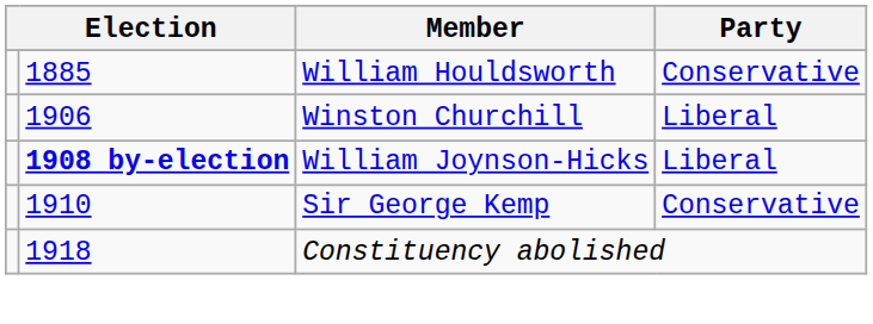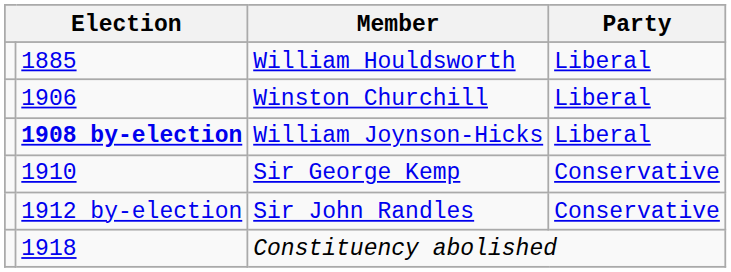 <table class="wikitable">
 <tr>
 <th colspan="2">Election</th>
 <th>Member </th>
 <th>Party</th>
 </tr>
 <tr>
 <td style="color:inherit;background-color: "></td>
 <td><a href='#'>1885</a></td>
 <td><a href='#'>William Houldsworth</a></td>
-<td><a href='#'>Conservative</a></td>
+<td><a href='#'>Liberal</a></td>
 </tr>
 <tr>
 <td style="color:inherit;background-color: "></td>
 <td><a href='#'>1906</a></td>
 <td><a href='#'>Winston Churchill</a></td>
 <td><a href='#'>Liberal</a></td>
 </tr>
 <tr>
 <td style="color:inherit;background-color: "></td>
 <td><strong><a href='#'>1908 by-election</a></strong></td>
 <td><a href='#'>William Joynson-Hicks</a></td>
 <td><a href='#'>Liberal</a></td>
 </tr>
 <tr>
 <td style="color:inherit;background-color: "></td>
 <td><a href='#'>1910</a></td>
 <td><a href='#'>Sir George Kemp</a></td>
 <td><a href='#'>Conservative</a></td>
 </tr>
 <tr>
+<td style="color:inherit;background-color: "></td>
+<td><a href='#'>1912 by-election</a></td>
+<td><a href='#'>Sir John Randles</a></td>
+<td><a href='#'>Conservative</a></td>
+</tr>
+<tr>
 <td></td>
 <td><a href='#'>1918</a></td>
 <td colspan="2"><em>Constituency abolished</em></td>
 </tr>
 </table>
